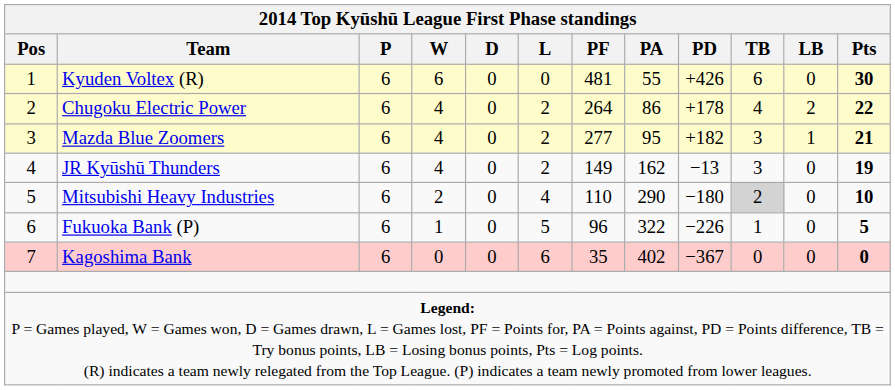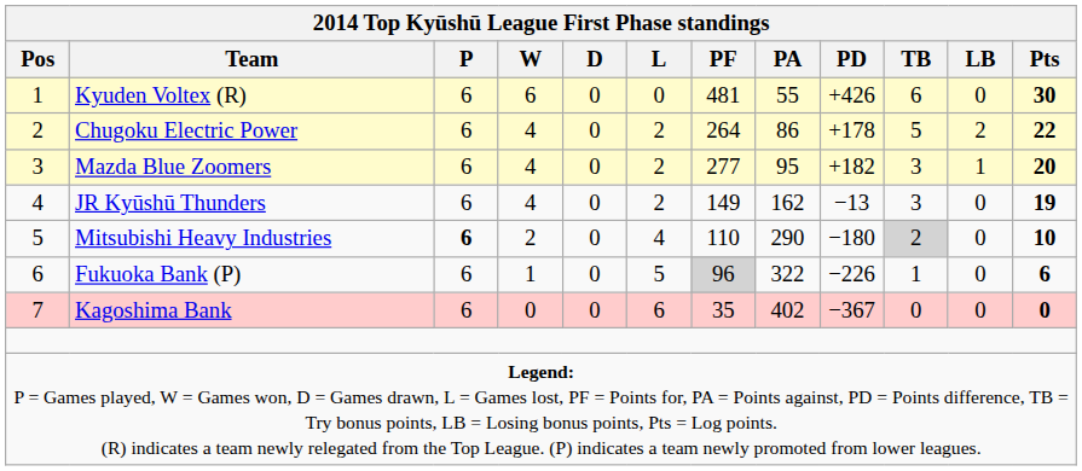 <table class="wikitable" style="text-align:center; font-size:100%; width:60%;">
 <tr>
 <th colspan="100%" cellpadding="0" cellspacing="0"><strong>2014 Top Kyūshū League First Phase standings</strong></th>
 </tr>
 <tr>
 <th style="width:6%;">Pos</th>
 <th style="width:34%;">Team</th>
 <th style="width:6%;">P</th>
 <th style="width:6%;">W</th>
 <th style="width:6%;">D</th>
 <th style="width:6%;">L</th>
 <th style="width:6%;">PF</th>
 <th style="width:6%;">PA</th>
 <th style="width:6%;">PD</th>
 <th style="width:6%;">TB</th>
 <th style="width:6%;">LB</th>
 <th style="width:6%;">Pts<br></th>
 </tr>
 <tr style="background:#FFFCCC;">
 <td>1</td>
 <td style="text-align:left;"><a href='#'>Kyuden Voltex</a> (R)</td>
 <td>6</td>
 <td>6</td>
 <td>0</td>
 <td>0</td>
 <td>481</td>
 <td>55</td>
 <td>+426</td>
 <td>6</td>
 <td>0</td>
 <td><strong>30</strong></td>
 </tr>
 <tr style="background:#FFFCCC;">
 <td>2</td>
 <td style="text-align:left;"><a href='#'>Chugoku Electric Power</a></td>
 <td>6</td>
 <td>4</td>
 <td>0</td>
 <td>2</td>
 <td>264</td>
 <td>86</td>
 <td>+178</td>
-<td>4</td>
+<td>5</td>
 <td>2</td>
 <td><strong>22</strong></td>
 </tr>
 <tr style="background:#FFFCCC;">
 <td>3</td>
 <td style="text-align:left;"><a href='#'>Mazda Blue Zoomers</a></td>
 <td>6</td>
 <td>4</td>
 <td>0</td>
 <td>2</td>
 <td>277</td>
 <td>95</td>
 <td>+182</td>
 <td>3</td>
 <td>1</td>
-<td><strong>21</strong></td>
+<td><strong>20</strong></td>
 </tr>
 <tr>
 <td>4</td>
 <td style="text-align:left;"><a href='#'>JR Kyūshū Thunders</a></td>
 <td>6</td>
 <td>4</td>
 <td>0</td>
 <td>2</td>
 <td>149</td>
 <td>162</td>
 <td>−13</td>
 <td>3</td>
 <td>0</td>
 <td><strong>19</strong></td>
 </tr>
 <tr>
 <td>5</td>
 <td style="text-align:left;"><a href='#'>Mitsubishi Heavy Industries</a></td>
-<td>6</td>
+<td><strong>6</strong></td>
 <td>2</td>
 <td>0</td>
 <td>4</td>
 <td>110</td>
 <td>290</td>
 <td>−180</td>
 <td style="background: lightgrey;">2</td>
 <td>0</td>
 <td><strong>10</strong></td>
 </tr>
 <tr>
 <td>6</td>
 <td style="text-align:left;"><a href='#'>Fukuoka Bank</a> (P)</td>
 <td>6</td>
 <td>1</td>
 <td>0</td>
 <td>5</td>
-<td>96</td>
+<td style="background: lightgrey;">96</td>
 <td>322</td>
 <td>−226</td>
 <td>1</td>
 <td>0</td>
-<td><strong>5</strong></td>
+<td><strong>6</strong></td>
 </tr>
 <tr style="background:#FFCCCC;">
 <td>7</td>
 <td style="text-align:left;"><a href='#'>Kagoshima Bank</a></td>
 <td>6</td>
 <td>0</td>
 <td>0</td>
 <td>6</td>
 <td>35</td>
 <td>402</td>
 <td>−367</td>
 <td>0</td>
 <td>0</td>
 <td><strong>0</strong></td>
 </tr>
 <tr>
 <td colspan="100%" style="height:10px;"></td>
 </tr>
 <tr>
 <td colspan="100%"><small><strong>Legend:</strong> <br> P = Games played, W = Games won, D = Games drawn, L = Games lost, PF = Points for, PA = Points against, PD = Points difference, TB = Try bonus points, LB = Losing bonus points, Pts = Log points. <br> (R) indicates a team newly relegated from the Top League. (P) indicates a team newly promoted from lower leagues.</small></td>
 </tr>
 </table>
